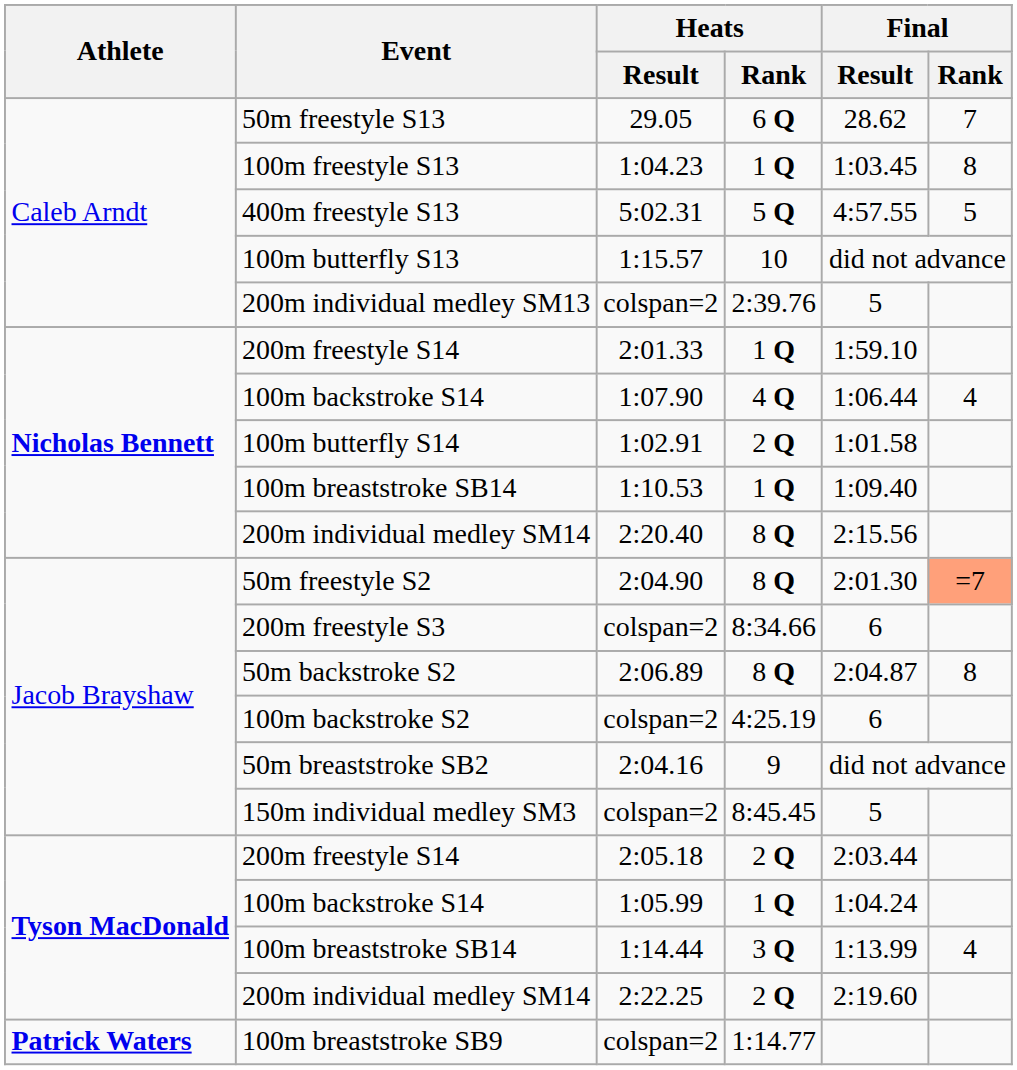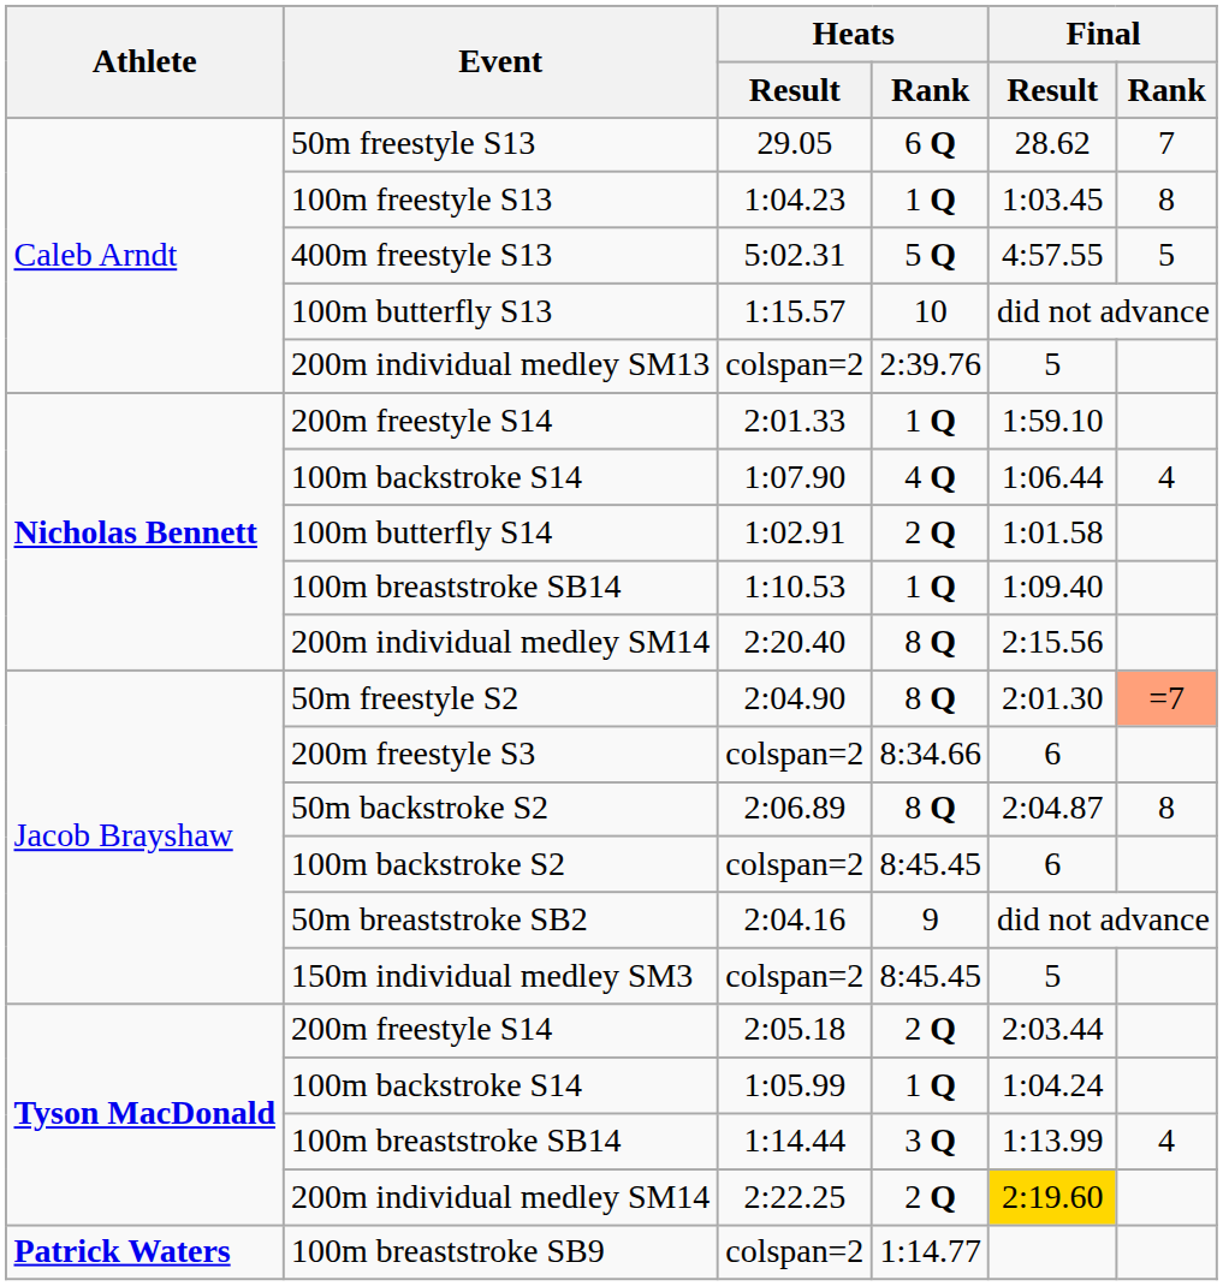 <table class=wikitable style="font-size:90%">
 <tr>
 <th rowspan="2">Athlete</th>
 <th rowspan="2">Event</th>
 <th colspan="2">Heats</th>
 <th colspan="2">Final</th>
 </tr>
 <tr>
 <th>Result</th>
 <th>Rank</th>
 <th>Result</th>
 <th>Rank</th>
 </tr>
 <tr align=center>
 <td align=left rowspan=5><a href='#'>Caleb Arndt</a></td>
 <td align=left>50m freestyle S13</td>
 <td>29.05</td>
 <td>6 <strong>Q</strong></td>
 <td>28.62</td>
 <td>7</td>
 </tr>
 <tr align=center>
 <td align=left>100m freestyle S13</td>
 <td>1:04.23</td>
 <td>1 <strong>Q</strong></td>
 <td>1:03.45</td>
 <td>8</td>
 </tr>
 <tr align=center>
 <td align=left>400m freestyle S13</td>
 <td>5:02.31</td>
 <td>5 <strong>Q</strong></td>
 <td>4:57.55</td>
 <td>5</td>
 </tr>
 <tr align=center>
 <td align=left>100m butterfly S13</td>
 <td>1:15.57</td>
 <td>10</td>
 <td colspan=2>did not advance</td>
 </tr>
 <tr align=center>
 <td align=left>200m individual medley SM13</td>
 <td>colspan=2 </td>
 <td>2:39.76</td>
 <td>5</td>
 </tr>
 <tr align=center>
 <td align=left rowspan=5><strong><a href='#'>Nicholas Bennett</a></strong></td>
 <td align=left>200m freestyle S14</td>
 <td>2:01.33</td>
 <td>1 <strong>Q</strong></td>
 <td>1:59.10</td>
 <td></td>
 </tr>
 <tr align=center>
 <td align=left>100m backstroke S14</td>
 <td>1:07.90</td>
 <td>4 <strong>Q</strong></td>
 <td>1:06.44</td>
 <td>4</td>
 </tr>
 <tr align=center>
 <td align=left>100m butterfly S14</td>
 <td>1:02.91</td>
 <td>2 <strong>Q</strong></td>
 <td>1:01.58</td>
 <td></td>
 </tr>
 <tr align=center>
 <td align=left>100m breaststroke SB14</td>
 <td>1:10.53</td>
 <td>1 <strong>Q</strong></td>
 <td>1:09.40</td>
 <td></td>
 </tr>
 <tr align=center>
 <td align=left>200m individual medley SM14</td>
 <td>2:20.40</td>
 <td>8 <strong>Q</strong></td>
 <td>2:15.56</td>
 <td></td>
 </tr>
 <tr align=center>
 <td align=left rowspan=6><a href='#'>Jacob Brayshaw</a></td>
 <td align=left>50m freestyle S2</td>
 <td>2:04.90</td>
 <td>8 <strong>Q</strong></td>
 <td>2:01.30</td>
 <td style="background: lightsalmon;">=7</td>
 </tr>
 <tr align=center>
 <td align=left>200m freestyle S3</td>
 <td>colspan=2 </td>
 <td>8:34.66</td>
 <td>6</td>
 </tr>
 <tr align=center>
 <td align=left>50m backstroke S2</td>
 <td>2:06.89</td>
 <td>8 <strong>Q</strong></td>
 <td>2:04.87</td>
 <td>8</td>
 </tr>
 <tr align=center>
 <td align=left>100m backstroke S2</td>
 <td>colspan=2 </td>
-<td>4:25.19</td>
+<td>8:45.45</td>
 <td>6</td>
 </tr>
 <tr align=center>
 <td align=left>50m breaststroke SB2</td>
 <td>2:04.16</td>
 <td>9</td>
 <td colspan=2>did not advance</td>
 </tr>
 <tr align=center>
 <td align=left>150m individual medley SM3</td>
 <td>colspan=2 </td>
 <td>8:45.45</td>
 <td>5</td>
 </tr>
 <tr align=center>
 <td align=left rowspan=4><strong><a href='#'>Tyson MacDonald</a></strong></td>
 <td align=left>200m freestyle S14</td>
 <td>2:05.18</td>
 <td>2 <strong>Q</strong></td>
 <td>2:03.44</td>
 <td></td>
 </tr>
 <tr align=center>
 <td align=left>100m backstroke S14</td>
 <td>1:05.99</td>
 <td>1 <strong>Q</strong></td>
 <td>1:04.24</td>
 <td></td>
 </tr>
 <tr align=center>
 <td align=left>100m breaststroke SB14</td>
 <td>1:14.44</td>
 <td>3 <strong>Q</strong></td>
 <td>1:13.99</td>
 <td>4</td>
 </tr>
 <tr align=center>
 <td align=left>200m individual medley SM14</td>
 <td>2:22.25</td>
 <td>2 <strong>Q</strong></td>
-<td>2:19.60</td>
+<td style="background: gold;">2:19.60</td>
 <td></td>
 </tr>
 <tr align=center>
 <td align=left><strong><a href='#'>Patrick Waters</a></strong></td>
 <td align=left>100m breaststroke SB9</td>
 <td>colspan=2 </td>
 <td>1:14.77</td>
 <td></td>
 </tr>
 </table>
